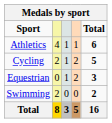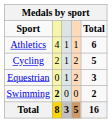 <table class="wikitable" style="font-size:95%; text-align:center;">
 <tr style="background:#efefef;">
 <th colspan=5>Medals by sport</th>
 </tr>
 <tr>
 <td><strong>Sport</strong></td>
 <td style="background:#f7f6a8;"></td>
 <td style="background:#dce5e5;"></td>
 <td style="background:#ffdab9;"></td>
 <td><strong>Total</strong></td>
 </tr>
 <tr>
 <td><a href='#'>Athletics</a></td>
 <td style="background:#F7F6A8;">4</td>
 <td style="background:#DCE5E5;">1</td>
 <td style="background:#FFDAB9;">1</td>
 <td><strong>6</strong></td>
 </tr>
 <tr>
 <td><a href='#'>Cycling</a></td>
 <td style="background:#F7F6A8;">2</td>
 <td style="background:#DCE5E5;">1</td>
 <td style="background:#FFDAB9;">2</td>
 <td><strong>5</strong></td>
 </tr>
 <tr>
 <td><a href='#'>Equestrian</a></td>
 <td style="background:#F7F6A8;">0</td>
 <td style="background:#DCE5E5;">1</td>
 <td style="background:#FFDAB9;">2</td>
 <td><strong>3</strong></td>
 </tr>
 <tr>
 <td><a href='#'>Swimming</a></td>
-<td style="background:#F7F6A8;">2</td>
+<td style="background:#F7F6A8;"><strong>2</strong></td>
 <td style="background:#DCE5E5;">0</td>
 <td style="background:#FFDAB9;">0</td>
 <td><strong>2</strong></td>
 </tr>
 <tr>
 <th>Total</th>
 <th style="background:gold;">8</th>
 <th style="background:silver;">3</th>
 <th style="background:#c96;">5</th>
 <th><strong>16</strong></th>
 </tr>
 </table>
